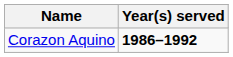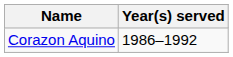 <table class="wikitable sortable">
 <tr>
 <th>Name</th>
 <th>Year(s) served</th>
 </tr>
 <tr>
 <td><a href='#'>Corazon Aquino</a></td>
-<td><strong>1986–1992</strong></td>
+<td>1986–1992</td>
 </tr>
 </table>
